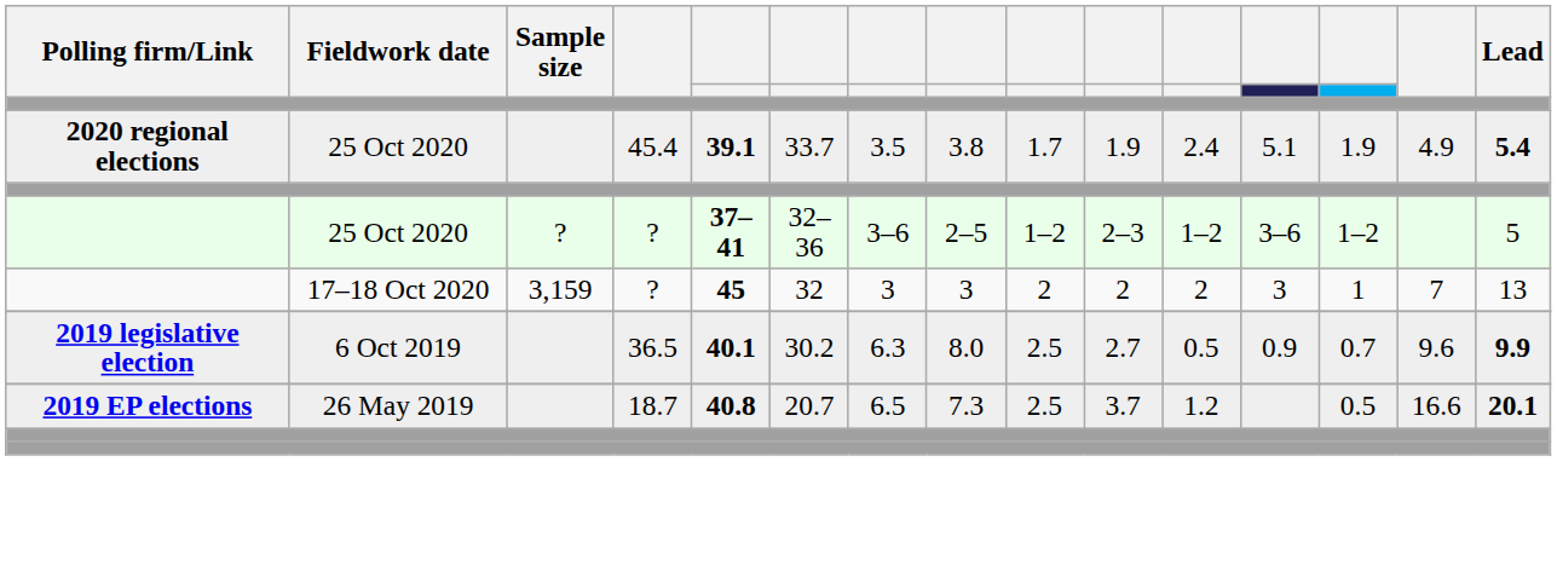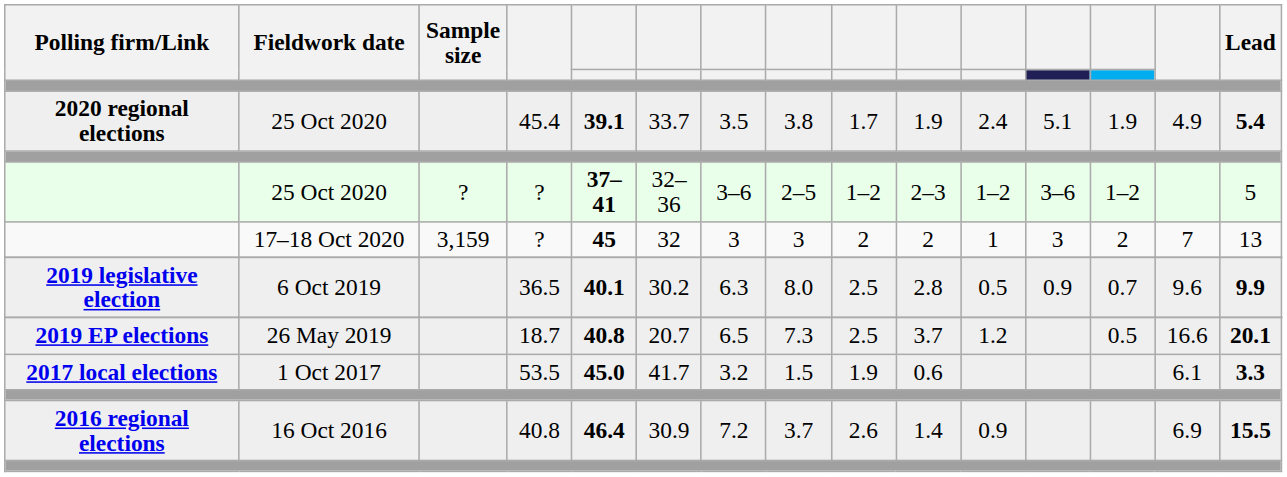 <table class="wikitable collapsible sortable" style="text-align:center; font-size:95%; line-height:16px;">
 <tr style="height:42px;">
 <th style="width:145px;" rowspan="2">Polling firm/Link</th>
 <th style="width:110px;" rowspan="2">Fieldwork date</th>
 <th class="unsortable" style="width:50px;" rowspan="2">Sample<br>size</th>
 <th class="unsortable" style="width:35px;" rowspan="2"></th>
 <th class="unsortable" style="width:35px;"></th>
 <th class="unsortable" style="width:35px;"></th>
 <th class="unsortable" style="width:35px;"></th>
 <th class="unsortable" style="width:35px;"></th>
 <th class="unsortable" style="width:35px;"></th>
 <th class="unsortable" style="width:35px;"></th>
 <th class="unsortable" style="width:35px;"></th>
 <th class="unsortable" style="width:35px;"></th>
 <th class="unsortable" style="width:35px;"></th>
 <th class="unsortable" style="width:35px;" rowspan="2"></th>
 <th class="unsortable" style="width:30px;" rowspan="2">Lead</th>
 </tr>
 <tr>
 <th style="color:inherit;background:"></th>
 <th style="color:inherit;background:"></th>
 <th style="color:inherit;background:"></th>
 <th style="color:inherit;background:"></th>
 <th style="color:inherit;background:"></th>
 <th style="color:inherit;background:"></th>
 <th style="color:inherit;background:"></th>
 <th style="color:inherit;background:#202056;"></th>
 <th style="color:inherit;background:#00ADEF;"></th>
 </tr>
 <tr>
 <td colspan="15" style="background:#A0A0A0"></td>
 </tr>
 <tr style="background:#EFEFEF;">
 <td><strong>2020 regional elections</strong></td>
 <td data-sort-value="2017-10-01">25 Oct 2020</td>
 <td></td>
 <td>45.4</td>
 <td><strong>39.1</strong><br></td>
 <td>33.7<br></td>
 <td>3.5<br></td>
 <td>3.8<br></td>
 <td>1.7<br></td>
 <td>1.9<br></td>
 <td>2.4<br></td>
 <td>5.1<br></td>
 <td>1.9<br></td>
 <td>4.9<br></td>
 <td style="background:"><strong>5.4</strong></td>
 </tr>
 <tr>
 <td colspan="15" style="background:#A0A0A0"></td>
 </tr>
 <tr style="background:#EAFFEA"|>
 <td></td>
 <td data-sort-value="2019-09-29">25 Oct 2020</td>
 <td>?</td>
 <td>?</td>
 <td><strong>37–41</strong><br></td>
 <td>32–36<br></td>
 <td>3–6<br></td>
 <td>2–5<br></td>
 <td>1–2<br></td>
 <td>2–3<br></td>
 <td>1–2<br></td>
 <td>3–6<br></td>
 <td>1–2<br></td>
 <td></td>
 <td style="background:">5</td>
 </tr>
 <tr>
 <td></td>
 <td data-sort-value="2019-09-29">17–18 Oct 2020</td>
 <td>3,159</td>
 <td>?</td>
 <td><strong>45</strong><br></td>
 <td>32<br></td>
 <td>3<br></td>
 <td>3<br></td>
 <td>2<br></td>
 <td>2<br></td>
+<td>1<br></td>
+<td>3<br></td>
 <td>2<br></td>
-<td>3<br></td>
-<td>1<br></td>
 <td>7<br></td>
 <td style="background:">13</td>
 </tr>
 <tr>
 </tr>
 <tr style="background:#EFEFEF;">
 <td><strong><a href='#'>2019 legislative election</a></strong></td>
 <td data-sort-value="2015-10-04">6 Oct 2019</td>
 <td></td>
 <td>36.5</td>
 <td><strong>40.1</strong></td>
 <td>30.2</td>
 <td>6.3</td>
 <td>8.0</td>
 <td>2.5</td>
-<td>2.7</td>
+<td>2.8</td>
 <td>0.5</td>
 <td>0.9</td>
 <td>0.7</td>
 <td>9.6</td>
 <td style="background:"><strong>9.9</strong></td>
 </tr>
 <tr>
 </tr>
 <tr style="background:#EFEFEF;">
 <td><strong><a href='#'>2019 EP elections</a></strong></td>
 <td>26 May 2019</td>
 <td></td>
 <td>18.7</td>
 <td><strong>40.8</strong></td>
 <td>20.7</td>
 <td>6.5</td>
 <td>7.3</td>
 <td>2.5</td>
 <td>3.7</td>
 <td>1.2</td>
 <td></td>
 <td>0.5</td>
 <td>16.6</td>
 <td style="background:"><strong>20.1</strong></td>
 </tr>
+<tr style="background:#EFEFEF;">
+<td><strong><a href='#'>2017 local elections</a></strong></td>
+<td data-sort-value="2017-10-01">1 Oct 2017</td>
+<td></td>
+<td>53.5</td>
+<td><strong>45.0</strong></td>
+<td>41.7</td>
+<td>3.2</td>
+<td>1.5</td>
+<td>1.9</td>
+<td>0.6</td>
+<td></td>
+<td></td>
+<td></td>
+<td>6.1</td>
+<td style="background:"><strong>3.3</strong></td>
+</tr>
 <tr>
 <td colspan="15" style="background:#A0A0A0"></td>
+</tr>
+<tr style="background:#EFEFEF;">
+<td><strong><a href='#'>2016 regional elections</a></strong></td>
+<td data-sort-value="2017-10-01">16 Oct 2016</td>
+<td></td>
+<td>40.8</td>
+<td><strong>46.4</strong><br></td>
+<td>30.9<br></td>
+<td>7.2<br></td>
+<td>3.7<br></td>
+<td>2.6<br></td>
+<td>1.4<br></td>
+<td>0.9<br></td>
+<td></td>
+<td></td>
+<td>6.9<br></td>
+<td style="background:"><strong>15.5</strong></td>
 </tr>
 <tr>
 <td colspan="15" style="background:#A0A0A0"></td>
 </tr>
 </table>
